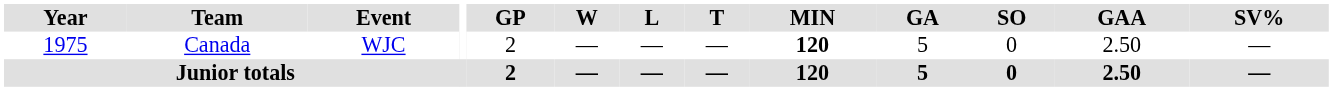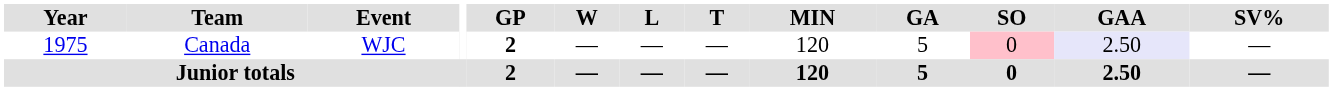 <table border="0" cellpadding="1" cellspacing="0" ID="Table3" style="text-align:center; width:60em">
 <tr ALIGN="center" bgcolor="#e0e0e0">
 <th>Year</th>
 <th>Team</th>
 <th>Event</th>
 <th rowspan="99" bgcolor="#ffffff"></th>
 <th>GP</th>
 <th>W</th>
 <th>L</th>
 <th>T</th>
 <th>MIN</th>
 <th>GA</th>
 <th>SO</th>
 <th>GAA</th>
 <th>SV%</th>
 </tr>
 <tr>
 <td><a href='#'>1975</a></td>
 <td><a href='#'>Canada</a></td>
 <td><a href='#'>WJC</a></td>
-<td>2</td>
+<td><strong>2</strong></td>
 <td>—</td>
 <td>—</td>
 <td>—</td>
-<td><strong>120</strong></td>
+<td>120</td>
 <td>5</td>
-<td>0</td>
-<td>2.50</td>
+<td style="background: pink;">0</td>
+<td style="background: lavender;">2.50</td>
 <td>—</td>
 </tr>
 <tr bgcolor="#e0e0e0">
 <th colspan=4>Junior totals</th>
 <th>2</th>
 <th>—</th>
 <th>—</th>
 <th>—</th>
 <th>120</th>
 <th>5</th>
 <th>0</th>
 <th>2.50</th>
 <th>—</th>
 </tr>
 </table>
